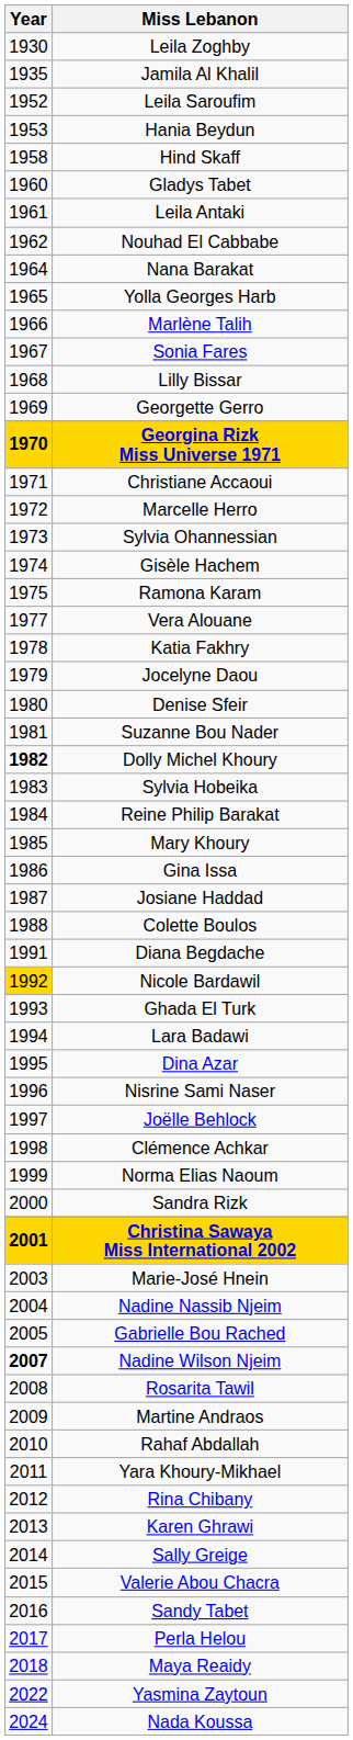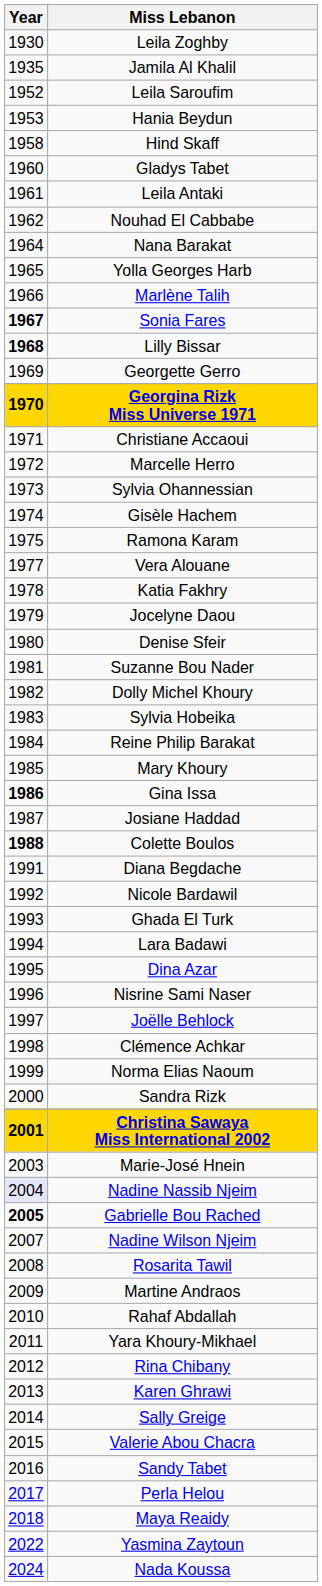 <table class="wikitable sortable" style="font-size:95%; text-align:center;">
 <tr>
 <th !width="60">Year</th>
 <th width="250">Miss Lebanon</th>
 </tr>
 <tr>
 <td>1930</td>
 <td>Leila Zoghby</td>
 </tr>
 <tr>
 <td>1935</td>
 <td>Jamila Al Khalil</td>
 </tr>
 <tr>
 <td>1952</td>
 <td>Leila Saroufim</td>
 </tr>
 <tr>
 <td>1953</td>
 <td>Hania Beydun</td>
 </tr>
 <tr>
 <td>1958</td>
 <td>Hind Skaff</td>
 </tr>
 <tr>
 <td>1960</td>
 <td>Gladys Tabet</td>
 </tr>
 <tr>
 <td>1961</td>
 <td>Leila Antaki</td>
 </tr>
 <tr>
 <td>1962</td>
 <td>Nouhad El Cabbabe</td>
 </tr>
 <tr>
 <td>1964</td>
 <td>Nana Barakat</td>
 </tr>
 <tr>
 <td>1965</td>
 <td>Yolla Georges Harb</td>
 </tr>
 <tr>
 <td>1966</td>
 <td><a href='#'>Marlène Talih</a></td>
 </tr>
 <tr>
-<td>1967</td>
+<td><strong>1967</strong></td>
 <td><a href='#'>Sonia Fares</a></td>
 </tr>
 <tr>
-<td>1968</td>
+<td><strong>1968</strong></td>
 <td>Lilly Bissar</td>
 </tr>
 <tr>
 <td>1969</td>
 <td>Georgette Gerro</td>
 </tr>
 <tr>
 </tr>
 <tr style="background-color:gold; font-weight: bold">
 <td>1970</td>
 <td><a href='#'>Georgina Rizk</a><br><a href='#'>Miss Universe 1971</a></td>
 </tr>
 <tr>
 <td>1971</td>
 <td>Christiane Accaoui</td>
 </tr>
 <tr>
 <td>1972</td>
 <td>Marcelle Herro</td>
 </tr>
 <tr>
 <td>1973</td>
 <td>Sylvia Ohannessian</td>
 </tr>
 <tr>
 <td>1974</td>
 <td>Gisèle Hachem</td>
 </tr>
 <tr>
 <td>1975</td>
 <td>Ramona Karam</td>
 </tr>
 <tr>
 <td>1977</td>
 <td>Vera Alouane</td>
 </tr>
 <tr>
 <td>1978</td>
 <td>Katia Fakhry</td>
 </tr>
 <tr>
 <td>1979</td>
 <td>Jocelyne Daou</td>
 </tr>
 <tr>
 <td>1980</td>
 <td>Denise Sfeir</td>
 </tr>
 <tr>
 <td>1981</td>
 <td>Suzanne Bou Nader</td>
 </tr>
 <tr>
-<td><strong>1982</strong></td>
+<td>1982</td>
 <td>Dolly Michel Khoury</td>
 </tr>
 <tr>
 <td>1983</td>
 <td>Sylvia Hobeika</td>
 </tr>
 <tr>
 <td>1984</td>
 <td>Reine Philip Barakat</td>
 </tr>
 <tr>
 <td>1985</td>
 <td>Mary Khoury</td>
 </tr>
 <tr>
-<td>1986</td>
+<td><strong>1986</strong></td>
 <td>Gina Issa</td>
 </tr>
 <tr>
 <td>1987</td>
 <td>Josiane Haddad</td>
 </tr>
 <tr>
-<td>1988</td>
+<td><strong>1988</strong></td>
 <td>Colette Boulos</td>
 </tr>
 <tr>
 <td>1991</td>
 <td>Diana Begdache</td>
 </tr>
 <tr>
-<td style="background: gold;">1992</td>
+<td>1992</td>
 <td>Nicole Bardawil</td>
 </tr>
 <tr>
 <td>1993</td>
 <td>Ghada El Turk</td>
 </tr>
 <tr>
 <td>1994</td>
 <td>Lara Badawi</td>
 </tr>
 <tr>
 <td>1995</td>
 <td><a href='#'>Dina Azar</a></td>
 </tr>
 <tr>
 <td>1996</td>
 <td>Nisrine Sami Naser</td>
 </tr>
 <tr>
 <td>1997</td>
 <td><a href='#'>Joëlle Behlock</a></td>
 </tr>
 <tr>
 <td>1998</td>
 <td>Clémence Achkar</td>
 </tr>
 <tr>
 <td>1999</td>
 <td>Norma Elias Naoum</td>
 </tr>
 <tr>
 <td>2000</td>
 <td>Sandra Rizk</td>
 </tr>
 <tr>
 </tr>
 <tr style="background-color:gold; font-weight: bold">
 <td>2001</td>
 <td><a href='#'>Christina Sawaya</a><br><a href='#'>Miss International 2002</a></td>
 </tr>
 <tr>
 <td>2003</td>
 <td>Marie-José Hnein</td>
 </tr>
 <tr>
-<td>2004</td>
+<td style="background: lavender;">2004</td>
 <td><a href='#'>Nadine Nassib Njeim</a></td>
 </tr>
 <tr>
-<td>2005</td>
+<td><strong>2005</strong></td>
 <td><a href='#'>Gabrielle Bou Rached</a></td>
 </tr>
 <tr>
-<td><strong>2007</strong></td>
+<td>2007</td>
 <td><a href='#'>Nadine Wilson Njeim</a></td>
 </tr>
 <tr>
 <td>2008</td>
 <td><a href='#'>Rosarita Tawil</a></td>
 </tr>
 <tr>
 <td>2009</td>
 <td>Martine Andraos</td>
 </tr>
 <tr>
 <td>2010</td>
 <td>Rahaf Abdallah</td>
 </tr>
 <tr>
 <td>2011</td>
 <td>Yara Khoury-Mikhael</td>
 </tr>
 <tr>
 <td>2012</td>
 <td><a href='#'>Rina Chibany</a></td>
 </tr>
 <tr>
 <td>2013</td>
 <td><a href='#'>Karen Ghrawi</a></td>
 </tr>
 <tr>
 <td>2014</td>
 <td><a href='#'>Sally Greige</a></td>
 </tr>
 <tr>
 <td>2015</td>
 <td><a href='#'>Valerie Abou Chacra</a></td>
 </tr>
 <tr>
 <td>2016</td>
 <td><a href='#'>Sandy Tabet</a></td>
 </tr>
 <tr>
 <td><a href='#'>2017</a></td>
 <td><a href='#'>Perla Helou</a></td>
 </tr>
 <tr>
 <td><a href='#'>2018</a></td>
 <td><a href='#'>Maya Reaidy</a></td>
 </tr>
 <tr>
 <td><a href='#'>2022</a></td>
 <td><a href='#'>Yasmina Zaytoun</a></td>
 </tr>
 <tr>
 <td><a href='#'>2024</a></td>
 <td><a href='#'>Nada Koussa</a></td>
 </tr>
 <tr v>
 </tr>
 </table>
